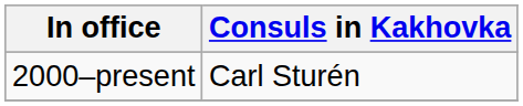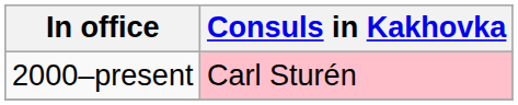 <table class="wikitable">
 <tr>
 <th>In office</th>
 <th><a href='#'>Consuls</a> in <a href='#'>Kakhovka</a></th>
 </tr>
 <tr>
 <td>2000–present</td>
-<td>Carl Sturén</td>
+<td style="background: pink;">Carl Sturén</td>
 </tr>
 <tr>
 </tr>
 </table>
